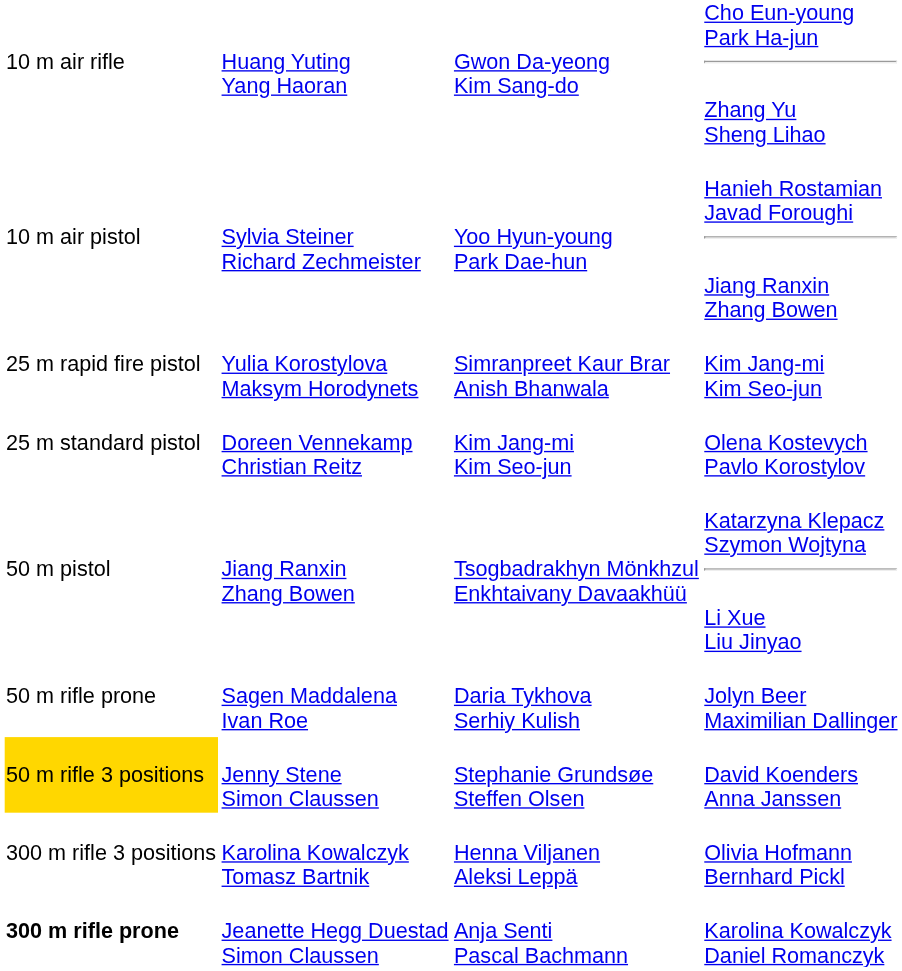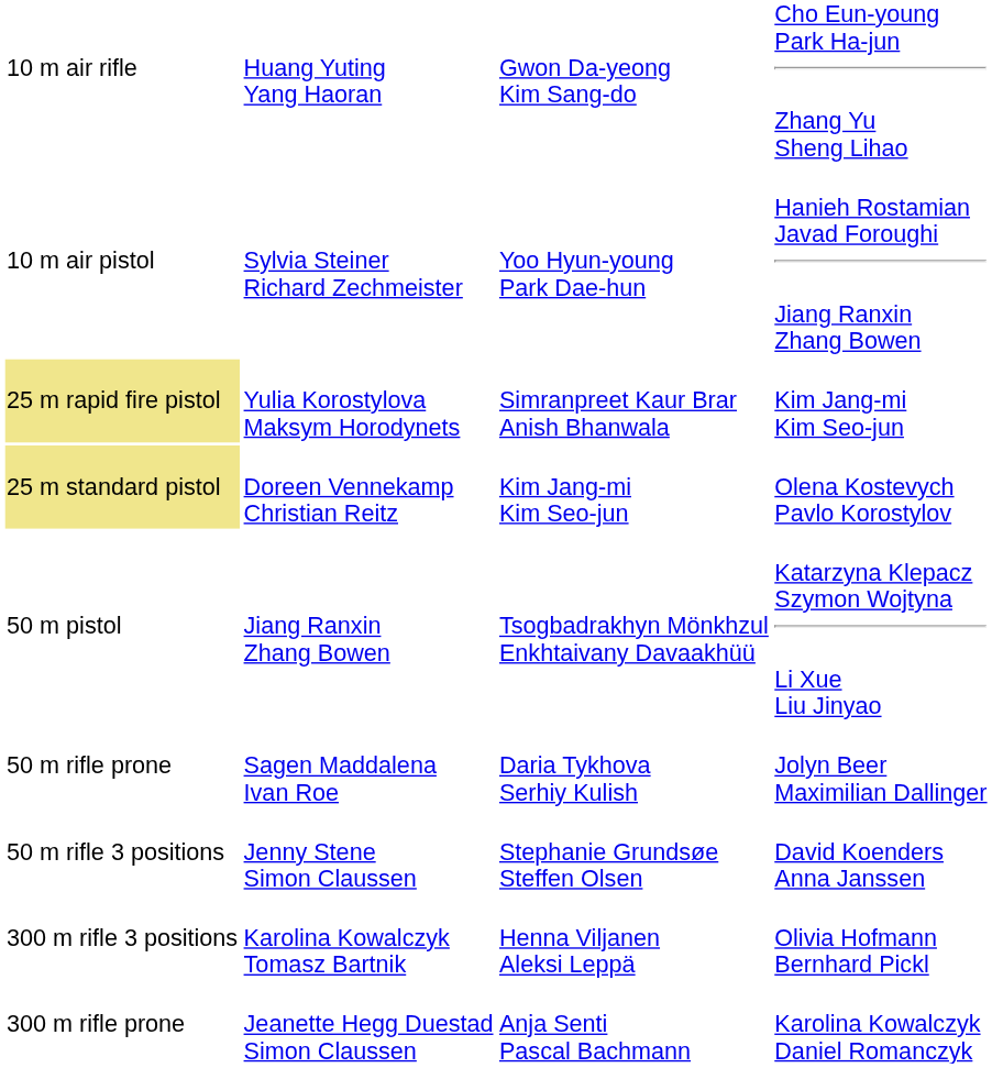 <table>
 <tr>
 <td>10 m air rifle</td>
 <td colspan=2><br><a href='#'>Huang Yuting</a><br><a href='#'>Yang Haoran</a></td>
 <td colspan=2><br><a href='#'>Gwon Da-yeong</a><br><a href='#'>Kim Sang-do</a></td>
 <td colspan=2><br><a href='#'>Cho Eun-young</a><br><a href='#'>Park Ha-jun</a><hr><br><a href='#'>Zhang Yu</a><br><a href='#'>Sheng Lihao</a></td>
 </tr>
 <tr>
 <td>10 m air pistol</td>
 <td colspan=2><br><a href='#'>Sylvia Steiner</a><br><a href='#'>Richard Zechmeister</a></td>
 <td colspan=2><br><a href='#'>Yoo Hyun-young</a><br><a href='#'>Park Dae-hun</a></td>
 <td colspan=2><br><a href='#'>Hanieh Rostamian</a><br><a href='#'>Javad Foroughi</a><hr><br><a href='#'>Jiang Ranxin</a><br><a href='#'>Zhang Bowen</a></td>
 </tr>
 <tr>
-<td>25 m rapid fire pistol</td>
+<td style="background: khaki;">25 m rapid fire pistol</td>
 <td colspan=2><br><a href='#'>Yulia Korostylova</a><br><a href='#'>Maksym Horodynets</a></td>
 <td colspan=2><br><a href='#'>Simranpreet Kaur Brar</a><br><a href='#'>Anish Bhanwala</a></td>
 <td colspan=2><br><a href='#'>Kim Jang-mi</a><br><a href='#'>Kim Seo-jun</a></td>
 </tr>
 <tr>
-<td>25 m standard pistol</td>
+<td style="background: khaki;">25 m standard pistol</td>
 <td colspan=2><br><a href='#'>Doreen Vennekamp</a><br><a href='#'>Christian Reitz</a></td>
 <td colspan=2><br><a href='#'>Kim Jang-mi</a><br><a href='#'>Kim Seo-jun</a></td>
 <td colspan=2><br><a href='#'>Olena Kostevych</a><br><a href='#'>Pavlo Korostylov</a></td>
 </tr>
 <tr>
 <td>50 m pistol</td>
 <td colspan=2><br><a href='#'>Jiang Ranxin</a><br><a href='#'>Zhang Bowen</a></td>
 <td colspan=2><br><a href='#'>Tsogbadrakhyn Mönkhzul</a><br><a href='#'>Enkhtaivany Davaakhüü</a></td>
 <td colspan=2><br><a href='#'>Katarzyna Klepacz</a><br><a href='#'>Szymon Wojtyna</a><hr><br><a href='#'>Li Xue</a><br><a href='#'>Liu Jinyao</a></td>
 </tr>
 <tr>
 <td>50 m rifle prone</td>
 <td colspan=2><br><a href='#'>Sagen Maddalena</a><br><a href='#'>Ivan Roe</a></td>
 <td colspan=2><br><a href='#'>Daria Tykhova</a><br><a href='#'>Serhiy Kulish</a></td>
 <td colspan=2><br><a href='#'>Jolyn Beer</a><br><a href='#'>Maximilian Dallinger</a></td>
 </tr>
 <tr>
-<td style="background: gold;">50 m rifle 3 positions</td>
+<td>50 m rifle 3 positions</td>
 <td colspan=2><br><a href='#'>Jenny Stene</a><br><a href='#'>Simon Claussen</a></td>
 <td colspan=2><br><a href='#'>Stephanie Grundsøe</a><br><a href='#'>Steffen Olsen</a></td>
 <td colspan=2><br><a href='#'>David Koenders</a><br><a href='#'>Anna Janssen</a></td>
 </tr>
 <tr>
 <td>300 m rifle 3 positions</td>
 <td colspan=2><br><a href='#'>Karolina Kowalczyk</a><br><a href='#'>Tomasz Bartnik</a></td>
 <td colspan=2><br><a href='#'>Henna Viljanen</a><br><a href='#'>Aleksi Leppä</a></td>
 <td colspan=2><br><a href='#'>Olivia Hofmann</a><br><a href='#'>Bernhard Pickl</a></td>
 </tr>
 <tr>
-<td><strong>300 m rifle prone</strong></td>
+<td>300 m rifle prone</td>
 <td colspan=2><br><a href='#'>Jeanette Hegg Duestad</a><br><a href='#'>Simon Claussen</a></td>
 <td colspan=2><br><a href='#'>Anja Senti</a><br><a href='#'>Pascal Bachmann</a></td>
 <td colspan=2><br><a href='#'>Karolina Kowalczyk</a><br><a href='#'>Daniel Romanczyk</a></td>
 </tr>
 <tr>
 </tr>
 </table>
